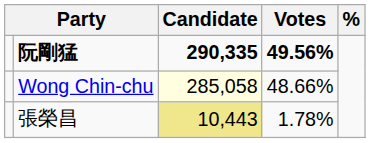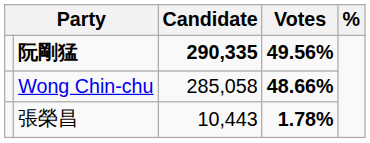 <table class="wikitable">
 <tr>
 <th colspan="2">Party</th>
 <th>Candidate</th>
 <th>Votes</th>
 <th>%</th>
 </tr>
 <tr>
 <td></td>
 <td><strong>阮剛猛</strong></td>
 <td align="right"><strong>290,335</strong></td>
 <td align="right"><strong>49.56%</strong></td>
 </tr>
 <tr>
 <td></td>
 <td><a href='#'>Wong Chin-chu</a></td>
-<td align="right" style="background: lightyellow;">285,058</td>
-<td align="right">48.66%</td>
+<td align="right">285,058</td>
+<td align="right"><strong>48.66%</strong></td>
 </tr>
 <tr>
 <td></td>
 <td>張榮昌</td>
-<td align="right" style="background: khaki;">10,443</td>
-<td align="right">1.78%</td>
+<td align="right">10,443</td>
+<td align="right"><strong>1.78%</strong></td>
 </tr>
 </table>
